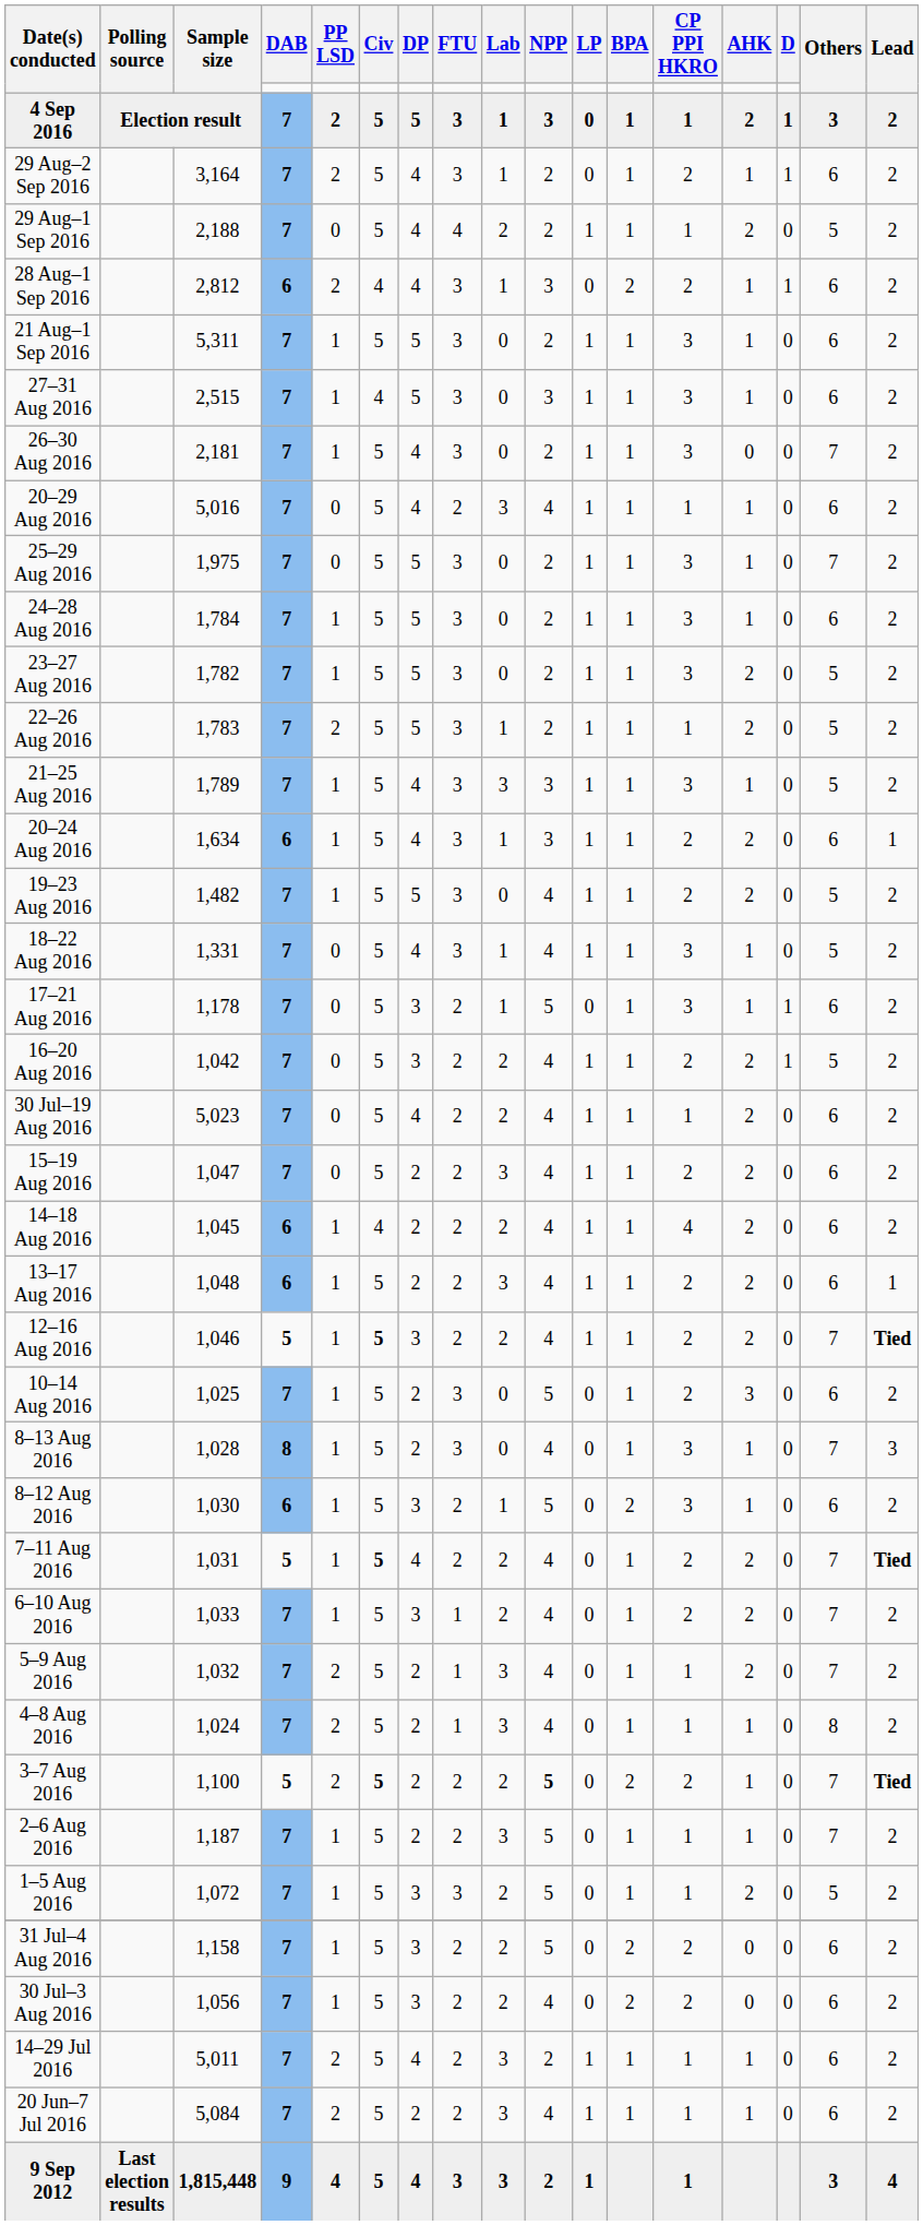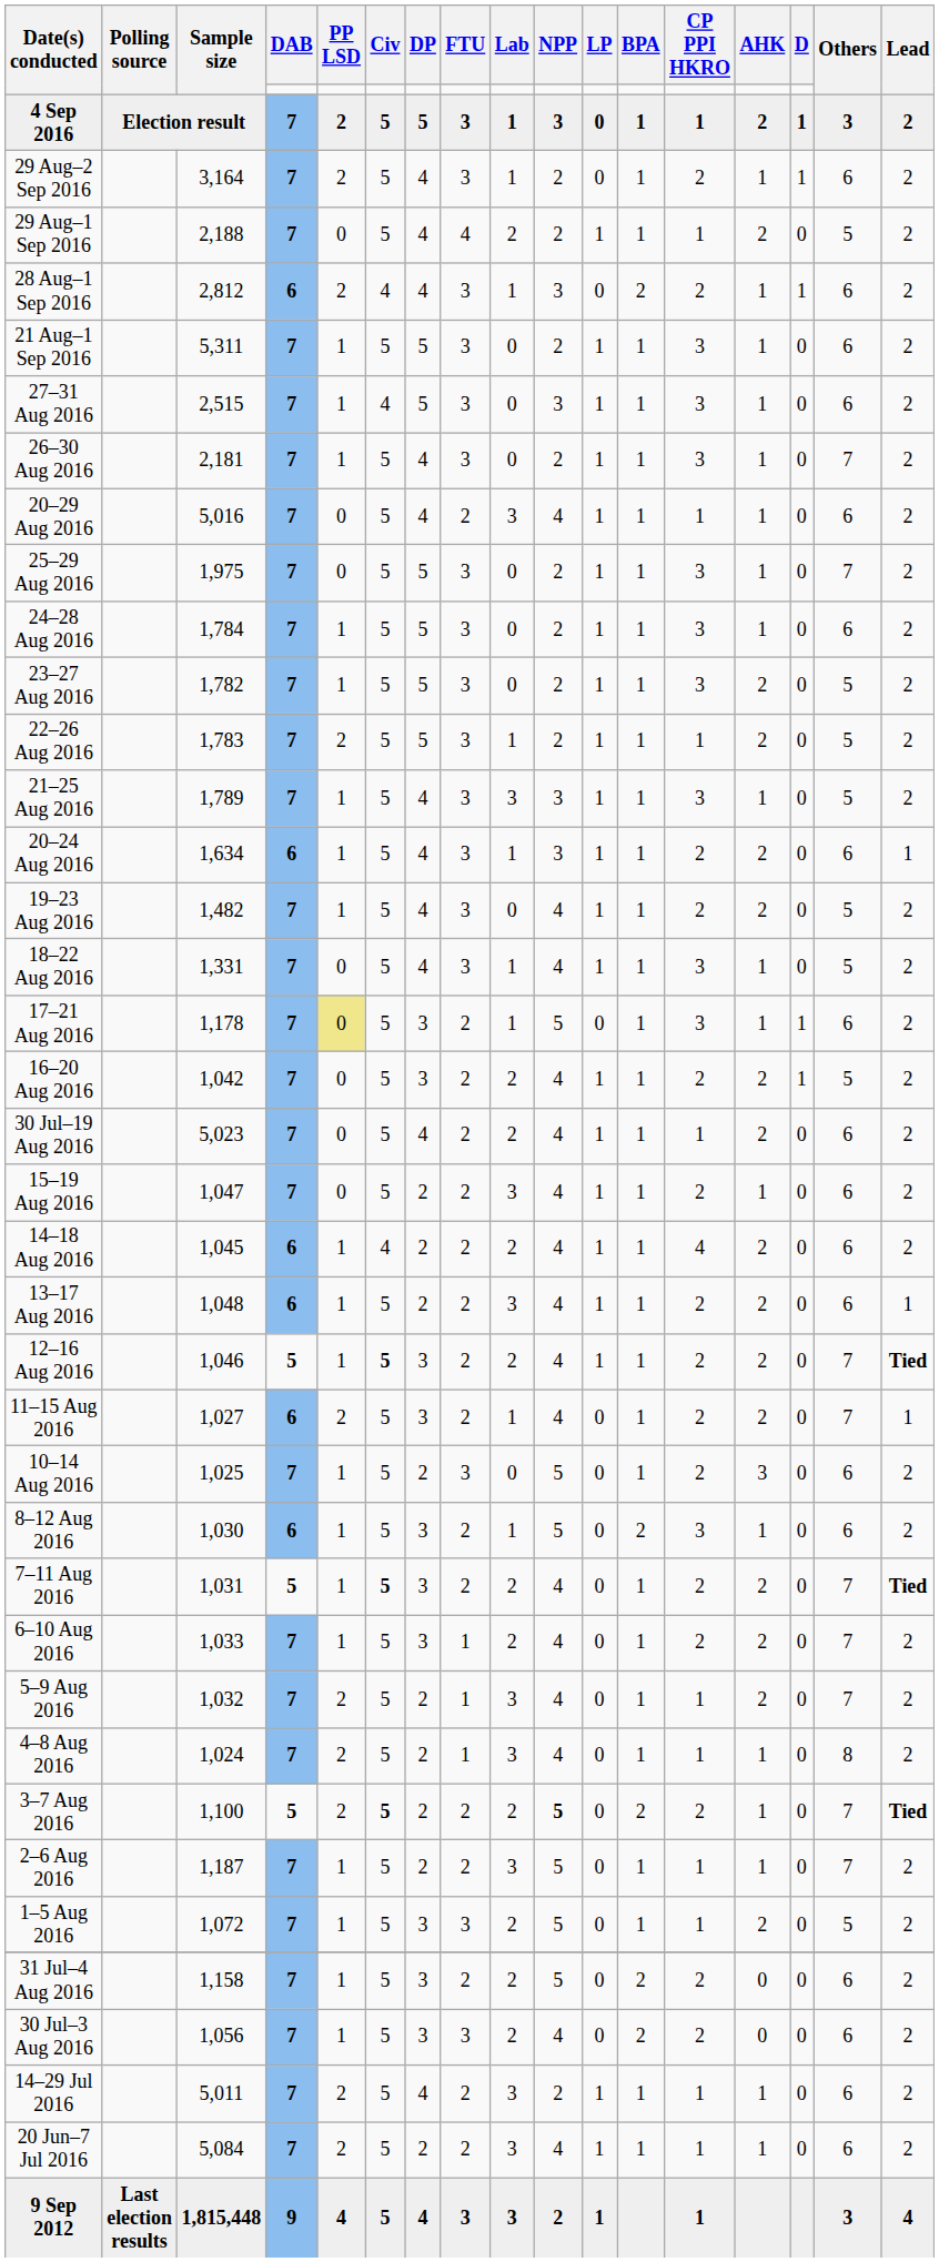 <table class="wikitable collapsible" style="text-align:center; font-size:85%; line-height:16px; margin-bottom:0">
 <tr style="height:42px; background:#e9e9e9;">
 <th style="width:120px;" rowspan=2>Date(s)<br>conducted</th>
 <th style="width:120px;" rowspan="2">Polling source</th>
 <th style="width:65px;" rowspan=2>Sample size</th>
 <th style="width:40px;"><a href='#'>DAB</a></th>
 <th style="width:40px;"><a href='#'>PP</a><br><a href='#'>LSD</a></th>
 <th style="width:40px;"><a href='#'>Civ</a></th>
 <th style="width:40px;"><a href='#'>DP</a></th>
 <th style="width:40px;"><a href='#'>FTU</a></th>
 <th style="width:40px;"><a href='#'>Lab</a></th>
 <th style="width:40px;"><a href='#'>NPP</a></th>
 <th style="width:40px;"><a href='#'>LP</a></th>
 <th style="width:40px;"><a href='#'>BPA</a></th>
 <th style="width:40px;"><a href='#'>CP</a><br><a href='#'>PPI</a><br><a href='#'>HKRO</a></th>
 <th style="width:40px;"><a href='#'>AHK</a></th>
 <th style="width:40px;"><a href='#'>D</a></th>
 <th style="width:40px;" rowspan=2>Others</th>
 <th style="width:40px;" rowspan=2>Lead</th>
 </tr>
 <tr>
 <td></td>
 <td></td>
 <td></td>
 <td></td>
 <td></td>
 <td></td>
 <td></td>
 <td></td>
 <td></td>
 <td></td>
 <td></td>
 <td></td>
 </tr>
 <tr style="background:#EFEFEF; font-weight:bold;">
 <td><strong>4 Sep 2016</strong></td>
 <td colspan=2><strong>Election result</strong></td>
 <td style="background:#8bbdef;"><strong>7</strong></td>
 <td>2</td>
 <td>5</td>
 <td>5</td>
 <td>3</td>
 <td>1</td>
 <td>3</td>
 <td>0</td>
 <td>1</td>
 <td>1</td>
 <td>2</td>
 <td>1</td>
 <td>3</td>
 <td style="background:">2</td>
 </tr>
 <tr>
 <td>29 Aug–2 Sep 2016</td>
 <td></td>
 <td>3,164</td>
 <td style="background:#8bbdef;"><strong>7</strong></td>
 <td>2</td>
 <td>5</td>
 <td>4</td>
 <td>3</td>
 <td>1</td>
 <td>2</td>
 <td>0</td>
 <td>1</td>
 <td>2</td>
 <td>1</td>
 <td>1</td>
 <td>6</td>
 <td style="background:">2</td>
 </tr>
 <tr>
 <td>29 Aug–1 Sep 2016</td>
 <td></td>
 <td>2,188</td>
 <td style="background:#8bbdef;"><strong>7</strong></td>
 <td>0</td>
 <td>5</td>
 <td>4</td>
 <td>4</td>
 <td>2</td>
 <td>2</td>
 <td>1</td>
 <td>1</td>
 <td>1</td>
 <td>2</td>
 <td>0</td>
 <td>5</td>
 <td style="background:">2</td>
 </tr>
 <tr>
 <td>28 Aug–1 Sep 2016</td>
 <td></td>
 <td>2,812</td>
 <td style="background:#8bbdef;"><strong>6</strong></td>
 <td>2</td>
 <td>4</td>
 <td>4</td>
 <td>3</td>
 <td>1</td>
 <td>3</td>
 <td>0</td>
 <td>2</td>
 <td>2</td>
 <td>1</td>
 <td>1</td>
 <td>6</td>
 <td style="background:">2</td>
 </tr>
 <tr>
 <td>21 Aug–1 Sep 2016</td>
 <td></td>
 <td>5,311</td>
 <td style="background:#8bbdef;"><strong>7</strong></td>
 <td>1</td>
 <td>5</td>
 <td>5</td>
 <td>3</td>
 <td>0</td>
 <td>2</td>
 <td>1</td>
 <td>1</td>
 <td>3</td>
 <td>1</td>
 <td>0</td>
 <td>6</td>
 <td style="background:">2</td>
 </tr>
 <tr>
 <td>27–31 Aug 2016</td>
 <td></td>
 <td>2,515</td>
 <td style="background:#8bbdef;"><strong>7</strong></td>
 <td>1</td>
 <td>4</td>
 <td>5</td>
 <td>3</td>
 <td>0</td>
 <td>3</td>
 <td>1</td>
 <td>1</td>
 <td>3</td>
 <td>1</td>
 <td>0</td>
 <td>6</td>
 <td style="background:">2</td>
 </tr>
 <tr>
 <td>26–30 Aug 2016</td>
 <td></td>
 <td>2,181</td>
 <td style="background:#8bbdef;"><strong>7</strong></td>
 <td>1</td>
 <td>5</td>
 <td>4</td>
 <td>3</td>
 <td>0</td>
 <td>2</td>
 <td>1</td>
 <td>1</td>
 <td>3</td>
-<td>0</td>
+<td>1</td>
 <td>0</td>
 <td>7</td>
 <td style="background:">2</td>
 </tr>
 <tr>
 <td>20–29 Aug 2016</td>
 <td></td>
 <td>5,016</td>
 <td style="background:#8bbdef;"><strong>7</strong></td>
 <td>0</td>
 <td>5</td>
 <td>4</td>
 <td>2</td>
 <td>3</td>
 <td>4</td>
 <td>1</td>
 <td>1</td>
 <td>1</td>
 <td>1</td>
 <td>0</td>
 <td>6</td>
 <td style="background:">2</td>
 </tr>
 <tr>
 <td>25–29 Aug 2016</td>
 <td></td>
 <td>1,975</td>
 <td style="background:#8bbdef;"><strong>7</strong></td>
 <td>0</td>
 <td>5</td>
 <td>5</td>
 <td>3</td>
 <td>0</td>
 <td>2</td>
 <td>1</td>
 <td>1</td>
 <td>3</td>
 <td>1</td>
 <td>0</td>
 <td>7</td>
 <td style="background:">2</td>
 </tr>
 <tr>
 <td>24–28 Aug 2016</td>
 <td></td>
 <td>1,784</td>
 <td style="background:#8bbdef;"><strong>7</strong></td>
 <td>1</td>
 <td>5</td>
 <td>5</td>
 <td>3</td>
 <td>0</td>
 <td>2</td>
 <td>1</td>
 <td>1</td>
 <td>3</td>
 <td>1</td>
 <td>0</td>
 <td>6</td>
 <td style="background:">2</td>
 </tr>
 <tr>
 <td>23–27 Aug 2016</td>
 <td></td>
 <td>1,782</td>
 <td style="background:#8bbdef;"><strong>7</strong></td>
 <td>1</td>
 <td>5</td>
 <td>5</td>
 <td>3</td>
 <td>0</td>
 <td>2</td>
 <td>1</td>
 <td>1</td>
 <td>3</td>
 <td>2</td>
 <td>0</td>
 <td>5</td>
 <td style="background:">2</td>
 </tr>
 <tr>
 <td>22–26 Aug 2016</td>
 <td></td>
 <td>1,783</td>
 <td style="background:#8bbdef;"><strong>7</strong></td>
 <td>2</td>
 <td>5</td>
 <td>5</td>
 <td>3</td>
 <td>1</td>
 <td>2</td>
 <td>1</td>
 <td>1</td>
 <td>1</td>
 <td>2</td>
 <td>0</td>
 <td>5</td>
 <td style="background:">2</td>
 </tr>
 <tr>
 <td>21–25 Aug 2016</td>
 <td></td>
 <td>1,789</td>
 <td style="background:#8bbdef;"><strong>7</strong></td>
 <td>1</td>
 <td>5</td>
 <td>4</td>
 <td>3</td>
 <td>3</td>
 <td>3</td>
 <td>1</td>
 <td>1</td>
 <td>3</td>
 <td>1</td>
 <td>0</td>
 <td>5</td>
 <td style="background:">2</td>
 </tr>
 <tr>
 <td>20–24 Aug 2016</td>
 <td></td>
 <td>1,634</td>
 <td style="background:#8bbdef;"><strong>6</strong></td>
 <td>1</td>
 <td>5</td>
 <td>4</td>
 <td>3</td>
 <td>1</td>
 <td>3</td>
 <td>1</td>
 <td>1</td>
 <td>2</td>
 <td>2</td>
 <td>0</td>
 <td>6</td>
 <td style="background:">1</td>
 </tr>
 <tr>
 <td>19–23 Aug 2016</td>
 <td></td>
 <td>1,482</td>
 <td style="background:#8bbdef;"><strong>7</strong></td>
 <td>1</td>
 <td>5</td>
-<td>5</td>
+<td>4</td>
 <td>3</td>
 <td>0</td>
 <td>4</td>
 <td>1</td>
 <td>1</td>
 <td>2</td>
 <td>2</td>
 <td>0</td>
 <td>5</td>
 <td style="background:">2</td>
 </tr>
 <tr>
 <td>18–22 Aug 2016</td>
 <td></td>
 <td>1,331</td>
 <td style="background:#8bbdef;"><strong>7</strong></td>
 <td>0</td>
 <td>5</td>
 <td>4</td>
 <td>3</td>
 <td>1</td>
 <td>4</td>
 <td>1</td>
 <td>1</td>
 <td>3</td>
 <td>1</td>
 <td>0</td>
 <td>5</td>
 <td style="background:">2</td>
 </tr>
 <tr>
 <td>17–21 Aug 2016</td>
 <td></td>
 <td>1,178</td>
 <td style="background:#8bbdef;"><strong>7</strong></td>
-<td>0</td>
+<td style="background: khaki;">0</td>
 <td>5</td>
 <td>3</td>
 <td>2</td>
 <td>1</td>
 <td>5</td>
 <td>0</td>
 <td>1</td>
 <td>3</td>
 <td>1</td>
 <td>1</td>
 <td>6</td>
 <td style="background:">2</td>
 </tr>
 <tr>
 <td>16–20 Aug 2016</td>
 <td></td>
 <td>1,042</td>
 <td style="background:#8bbdef;"><strong>7</strong></td>
 <td>0</td>
 <td>5</td>
 <td>3</td>
 <td>2</td>
 <td>2</td>
 <td>4</td>
 <td>1</td>
 <td>1</td>
 <td>2</td>
 <td>2</td>
 <td>1</td>
 <td>5</td>
 <td style="background:">2</td>
 </tr>
 <tr>
 <td>30 Jul–19 Aug 2016</td>
 <td></td>
 <td>5,023</td>
 <td style="background:#8bbdef;"><strong>7</strong></td>
 <td>0</td>
 <td>5</td>
 <td>4</td>
 <td>2</td>
 <td>2</td>
 <td>4</td>
 <td>1</td>
 <td>1</td>
 <td>1</td>
 <td>2</td>
 <td>0</td>
 <td>6</td>
 <td style="background:">2</td>
 </tr>
 <tr>
 <td>15–19 Aug 2016</td>
 <td></td>
 <td>1,047</td>
 <td style="background:#8bbdef;"><strong>7</strong></td>
 <td>0</td>
 <td>5</td>
 <td>2</td>
 <td>2</td>
 <td>3</td>
 <td>4</td>
 <td>1</td>
 <td>1</td>
 <td>2</td>
-<td>2</td>
+<td>1</td>
 <td>0</td>
 <td>6</td>
 <td style="background:">2</td>
 </tr>
 <tr>
 <td>14–18 Aug 2016</td>
 <td></td>
 <td>1,045</td>
 <td style="background:#8bbdef;"><strong>6</strong></td>
 <td>1</td>
 <td>4</td>
 <td>2</td>
 <td>2</td>
 <td>2</td>
 <td>4</td>
 <td>1</td>
 <td>1</td>
 <td>4</td>
 <td>2</td>
 <td>0</td>
 <td>6</td>
 <td style="background:">2</td>
 </tr>
 <tr>
 <td>13–17 Aug 2016</td>
 <td></td>
 <td>1,048</td>
 <td style="background:#8bbdef;"><strong>6</strong></td>
 <td>1</td>
 <td>5</td>
 <td>2</td>
 <td>2</td>
 <td>3</td>
 <td>4</td>
 <td>1</td>
 <td>1</td>
 <td>2</td>
 <td>2</td>
 <td>0</td>
 <td>6</td>
 <td style="background:">1</td>
 </tr>
 <tr>
 <td>12–16 Aug 2016</td>
 <td></td>
 <td>1,046</td>
 <td><strong>5</strong></td>
 <td>1</td>
 <td><strong>5</strong></td>
 <td>3</td>
 <td>2</td>
 <td>2</td>
 <td>4</td>
 <td>1</td>
 <td>1</td>
 <td>2</td>
 <td>2</td>
 <td>0</td>
 <td>7</td>
 <td><strong>Tied</strong></td>
 </tr>
 <tr>
+<td>11–15 Aug 2016</td>
+<td></td>
+<td>1,027</td>
+<td style="background:#8bbdef;"><strong>6</strong></td>
+<td>2</td>
+<td>5</td>
+<td>3</td>
+<td>2</td>
+<td>1</td>
+<td>4</td>
+<td>0</td>
+<td>1</td>
+<td>2</td>
+<td>2</td>
+<td>0</td>
+<td>7</td>
+<td style="background:">1</td>
+</tr>
+<tr>
 <td>10–14 Aug 2016</td>
 <td></td>
 <td>1,025</td>
 <td style="background:#8bbdef;"><strong>7</strong></td>
 <td>1</td>
 <td>5</td>
 <td>2</td>
 <td>3</td>
 <td>0</td>
 <td>5</td>
 <td>0</td>
 <td>1</td>
 <td>2</td>
 <td>3</td>
 <td>0</td>
 <td>6</td>
 <td style="background:">2</td>
-</tr>
-<tr>
-<td>8–13 Aug 2016</td>
-<td></td>
-<td>1,028</td>
-<td style="background:#8bbdef;"><strong>8</strong></td>
-<td>1</td>
-<td>5</td>
-<td>2</td>
-<td>3</td>
-<td>0</td>
-<td>4</td>
-<td>0</td>
-<td>1</td>
-<td>3</td>
-<td>1</td>
-<td>0</td>
-<td>7</td>
-<td style="background:">3</td>
 </tr>
 <tr>
 <td>8–12 Aug 2016</td>
 <td></td>
 <td>1,030</td>
 <td style="background:#8bbdef;"><strong>6</strong></td>
 <td>1</td>
 <td>5</td>
 <td>3</td>
 <td>2</td>
 <td>1</td>
 <td>5</td>
 <td>0</td>
 <td>2</td>
 <td>3</td>
 <td>1</td>
 <td>0</td>
 <td>6</td>
 <td style="background:">2</td>
 </tr>
 <tr>
 <td>7–11 Aug 2016</td>
 <td></td>
 <td>1,031</td>
 <td><strong>5</strong></td>
 <td>1</td>
 <td><strong>5</strong></td>
-<td>4</td>
+<td>3</td>
 <td>2</td>
 <td>2</td>
 <td>4</td>
 <td>0</td>
 <td>1</td>
 <td>2</td>
 <td>2</td>
 <td>0</td>
 <td>7</td>
 <td><strong>Tied</strong></td>
 </tr>
 <tr>
 <td>6–10 Aug 2016</td>
 <td></td>
 <td>1,033</td>
 <td style="background:#8bbdef;"><strong>7</strong></td>
 <td>1</td>
 <td>5</td>
 <td>3</td>
 <td>1</td>
 <td>2</td>
 <td>4</td>
 <td>0</td>
 <td>1</td>
 <td>2</td>
 <td>2</td>
 <td>0</td>
 <td>7</td>
 <td style="background:">2</td>
 </tr>
 <tr>
 <td>5–9 Aug 2016</td>
 <td></td>
 <td>1,032</td>
 <td style="background:#8bbdef;"><strong>7</strong></td>
 <td>2</td>
 <td>5</td>
 <td>2</td>
 <td>1</td>
 <td>3</td>
 <td>4</td>
 <td>0</td>
 <td>1</td>
 <td>1</td>
 <td>2</td>
 <td>0</td>
 <td>7</td>
 <td style="background:">2</td>
 </tr>
 <tr>
 <td>4–8 Aug 2016</td>
 <td></td>
 <td>1,024</td>
 <td style="background:#8bbdef;"><strong>7</strong></td>
 <td>2</td>
 <td>5</td>
 <td>2</td>
 <td>1</td>
 <td>3</td>
 <td>4</td>
 <td>0</td>
 <td>1</td>
 <td>1</td>
 <td>1</td>
 <td>0</td>
 <td>8</td>
 <td style="background:">2</td>
 </tr>
 <tr>
 <td>3–7 Aug 2016</td>
 <td></td>
 <td>1,100</td>
 <td><strong>5</strong></td>
 <td>2</td>
 <td><strong>5</strong></td>
 <td>2</td>
 <td>2</td>
 <td>2</td>
 <td><strong>5</strong></td>
 <td>0</td>
 <td>2</td>
 <td>2</td>
 <td>1</td>
 <td>0</td>
 <td>7</td>
 <td><strong>Tied</strong></td>
 </tr>
 <tr>
 <td>2–6 Aug 2016</td>
 <td></td>
 <td>1,187</td>
 <td style="background:#8bbdef;"><strong>7</strong></td>
 <td>1</td>
 <td>5</td>
 <td>2</td>
 <td>2</td>
 <td>3</td>
 <td>5</td>
 <td>0</td>
 <td>1</td>
 <td>1</td>
 <td>1</td>
 <td>0</td>
 <td>7</td>
 <td style="background:">2</td>
 </tr>
 <tr>
 <td>1–5 Aug 2016</td>
 <td></td>
 <td>1,072</td>
 <td style="background:#8bbdef;"><strong>7</strong></td>
 <td>1</td>
 <td>5</td>
 <td>3</td>
 <td>3</td>
 <td>2</td>
 <td>5</td>
 <td>0</td>
 <td>1</td>
 <td>1</td>
 <td>2</td>
 <td>0</td>
 <td>5</td>
 <td style="background:">2</td>
 </tr>
 <tr>
 </tr>
 <tr>
 <td>31 Jul–4 Aug 2016</td>
 <td></td>
 <td>1,158</td>
 <td style="background:#8bbdef;"><strong>7</strong></td>
 <td>1</td>
 <td>5</td>
 <td>3</td>
 <td>2</td>
 <td>2</td>
 <td>5</td>
 <td>0</td>
 <td>2</td>
 <td>2</td>
 <td>0</td>
 <td>0</td>
 <td>6</td>
 <td style="background:">2</td>
 </tr>
 <tr>
 <td>30 Jul–3 Aug 2016</td>
 <td></td>
 <td>1,056</td>
 <td style="background:#8bbdef;"><strong>7</strong></td>
 <td>1</td>
 <td>5</td>
 <td>3</td>
-<td>2</td>
+<td>3</td>
 <td>2</td>
 <td>4</td>
 <td>0</td>
 <td>2</td>
 <td>2</td>
 <td>0</td>
 <td>0</td>
 <td>6</td>
 <td style="background:">2</td>
 </tr>
 <tr>
 <td>14–29 Jul 2016</td>
 <td></td>
 <td>5,011</td>
 <td style="background:#8bbdef;"><strong>7</strong></td>
 <td>2</td>
 <td>5</td>
 <td>4</td>
 <td>2</td>
 <td>3</td>
 <td>2</td>
 <td>1</td>
 <td>1</td>
 <td>1</td>
 <td>1</td>
 <td>0</td>
 <td>6</td>
 <td style="background:">2</td>
 </tr>
 <tr>
 <td>20 Jun–7 Jul 2016</td>
 <td></td>
 <td>5,084</td>
 <td style="background:#8bbdef;"><strong>7</strong></td>
 <td>2</td>
 <td>5</td>
 <td>2</td>
 <td>2</td>
 <td>3</td>
 <td>4</td>
 <td>1</td>
 <td>1</td>
 <td>1</td>
 <td>1</td>
 <td>0</td>
 <td>6</td>
 <td style="background:">2</td>
 </tr>
 <tr style="background:#EFEFEF; font-weight:bold;">
 <td>9 Sep 2012</td>
 <td>Last election results</td>
 <td>1,815,448</td>
 <td style="background:#8bbdef;">9</td>
 <td>4</td>
 <td>5</td>
 <td>4</td>
 <td>3</td>
 <td>3</td>
 <td>2</td>
 <td>1</td>
 <td></td>
 <td>1</td>
 <td></td>
 <td></td>
 <td>3</td>
 <td style="background:">4</td>
 </tr>
 </table>
